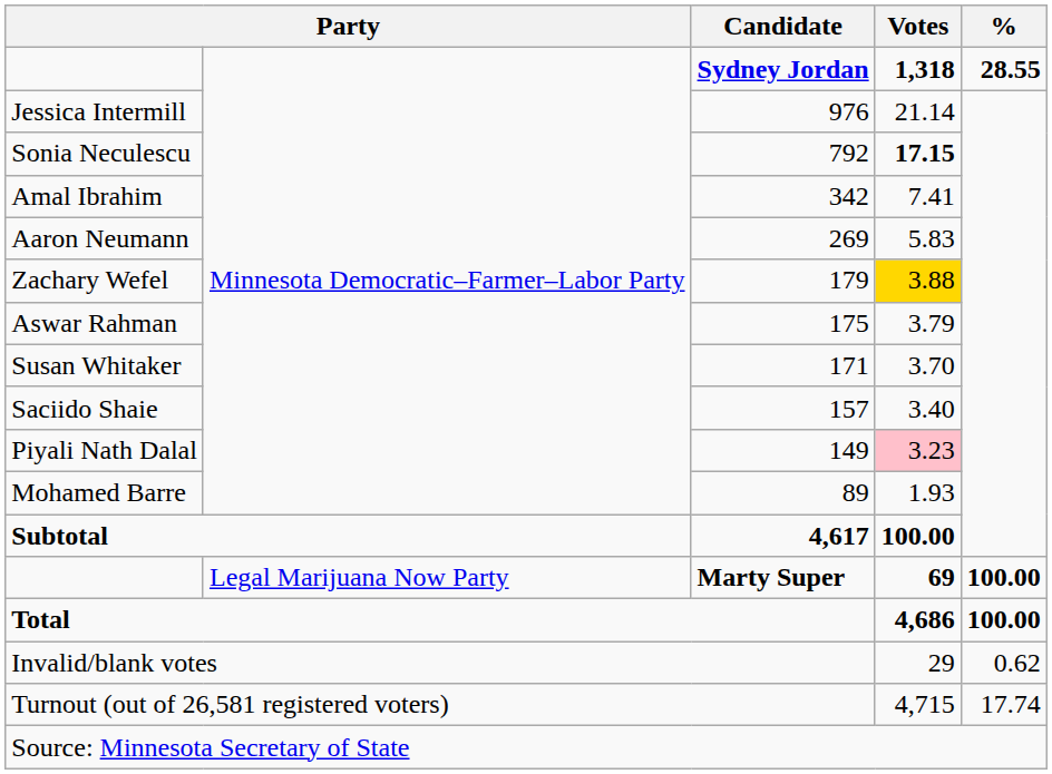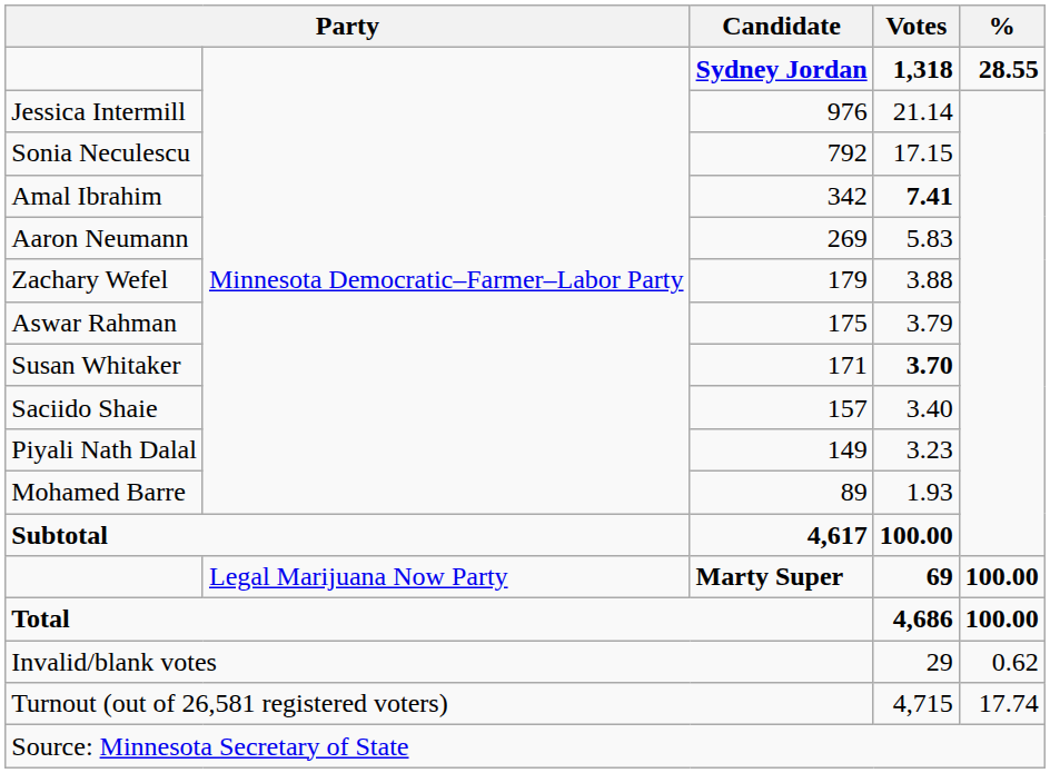 <table class="wikitable">
 <tr>
 <th colspan="2">Party</th>
 <th>Candidate</th>
 <th>Votes</th>
 <th>%</th>
 </tr>
 <tr>
 <td style="background-color:"></td>
 <td rowspan="11"><a href='#'>Minnesota Democratic–Farmer–Labor Party</a></td>
 <td><strong><a href='#'>Sydney Jordan</a></strong></td>
 <td align="right"><strong>1,318</strong></td>
 <td align="right"><strong>28.55</strong></td>
 </tr>
 <tr>
 <td>Jessica Intermill</td>
 <td align="right">976</td>
 <td align="right">21.14</td>
 </tr>
 <tr>
 <td>Sonia Neculescu</td>
 <td align="right">792</td>
-<td align="right"><strong>17.15</strong></td>
+<td align="right">17.15</td>
 </tr>
 <tr>
 <td>Amal Ibrahim</td>
 <td align="right">342</td>
-<td align="right">7.41</td>
+<td align="right"><strong>7.41</strong></td>
 </tr>
 <tr>
 <td>Aaron Neumann</td>
 <td align="right">269</td>
 <td align="right">5.83</td>
 </tr>
 <tr>
 <td>Zachary Wefel</td>
 <td align="right">179</td>
-<td align="right" style="background: gold;">3.88</td>
+<td align="right">3.88</td>
 </tr>
 <tr>
 <td>Aswar Rahman</td>
 <td align="right">175</td>
 <td align="right">3.79</td>
 </tr>
 <tr>
 <td>Susan Whitaker</td>
 <td align="right">171</td>
-<td align="right">3.70</td>
+<td align="right"><strong>3.70</strong></td>
 </tr>
 <tr>
 <td>Saciido Shaie</td>
 <td align="right">157</td>
 <td align="right">3.40</td>
 </tr>
 <tr>
 <td>Piyali Nath Dalal</td>
 <td align="right">149</td>
-<td align="right" style="background: pink;">3.23</td>
+<td align="right">3.23</td>
 </tr>
 <tr>
 <td>Mohamed Barre</td>
 <td align="right">89</td>
 <td align="right">1.93</td>
 </tr>
 <tr>
 <td colspan="2"><strong>Subtotal</strong></td>
 <td style="font-weight:bold" align="right">4,617</td>
 <td style="font-weight:bold" align="right">100.00</td>
 </tr>
 <tr>
 <td style="background-color:"></td>
 <td><a href='#'>Legal Marijuana Now Party</a></td>
 <td><strong>Marty Super</strong></td>
 <td style="font-weight:bold" align="right">69</td>
 <td style="font-weight:bold" align="right">100.00</td>
 </tr>
 <tr>
 <td colspan="3"><strong>Total</strong></td>
 <td style="font-weight:bold" align="right">4,686</td>
 <td style="font-weight:bold" align="right">100.00</td>
 </tr>
 <tr>
 <td colspan="3">Invalid/blank votes</td>
 <td align="right">29</td>
 <td align="right">0.62</td>
 </tr>
 <tr>
 <td colspan="3">Turnout (out of 26,581 registered voters)</td>
 <td align="right">4,715</td>
 <td align="right">17.74</td>
 </tr>
 <tr>
 <td colspan="5">Source: <a href='#'>Minnesota Secretary of State</a></td>
 </tr>
 </table>
